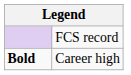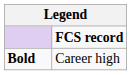 <table class="wikitable">
 <tr>
 <th colspan="2">Legend</th>
 </tr>
 <tr>
 <td style="background:#e0cef2; width:3em;"></td>
-<td>FCS record</td>
+<td><strong>FCS record</strong></td>
 </tr>
 <tr>
 <td style="width:3em;"><strong>Bold</strong></td>
 <td>Career high</td>
 </tr>
 </table>
